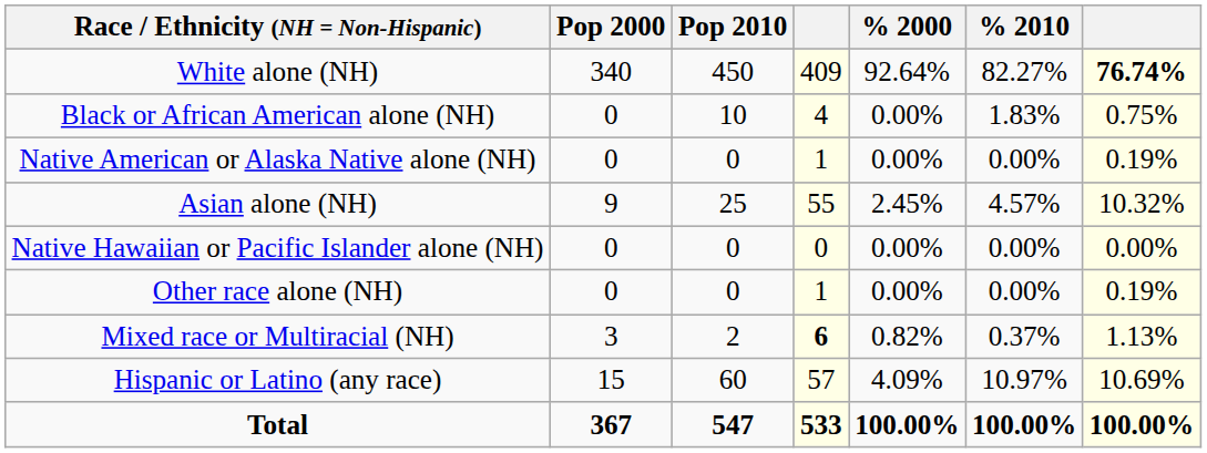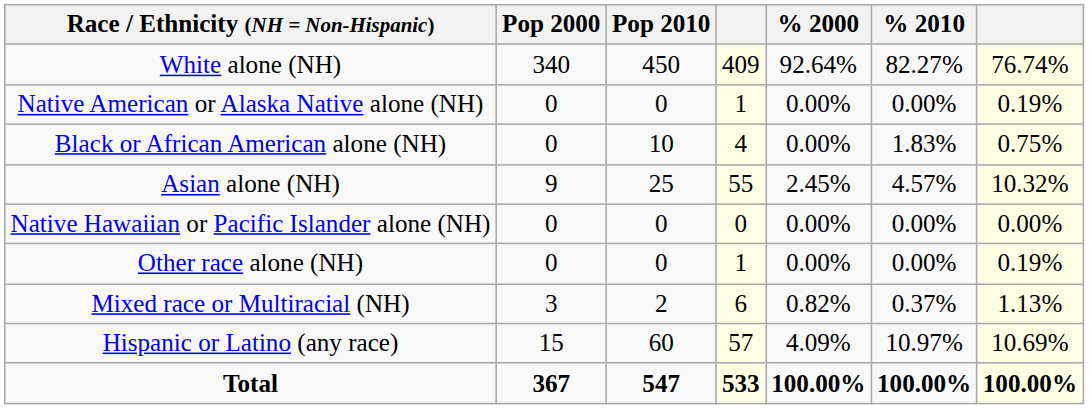 <table class="wikitable" style="text-align:center;">
 <tr>
 <th>Race / Ethnicity <small>(<em>NH = Non-Hispanic</em>)</small></th>
 <th>Pop 2000</th>
 <th>Pop 2010</th>
 <th></th>
 <th>% 2000</th>
 <th>% 2010</th>
 <th></th>
 </tr>
 <tr>
 <td><a href='#'>White</a> alone (NH)</td>
 <td>340</td>
 <td>450</td>
 <td style='background: #ffffe6;'>409</td>
 <td>92.64%</td>
 <td>82.27%</td>
-<td style='background: #ffffe6;'><strong>76.74%</strong></td>
+<td style='background: #ffffe6;'>76.74%</td>
+</tr>
+<tr>
+<td><a href='#'>Native American</a> or <a href='#'>Alaska Native</a> alone (NH)</td>
+<td>0</td>
+<td>0</td>
+<td style='background: #ffffe6;'>1</td>
+<td>0.00%</td>
+<td>0.00%</td>
+<td style='background: #ffffe6;'>0.19%</td>
 </tr>
 <tr>
 <td><a href='#'>Black or African American</a> alone (NH)</td>
 <td>0</td>
 <td>10</td>
 <td style='background: #ffffe6;'>4</td>
 <td>0.00%</td>
 <td>1.83%</td>
 <td style='background: #ffffe6;'>0.75%</td>
-</tr>
-<tr>
-<td><a href='#'>Native American</a> or <a href='#'>Alaska Native</a> alone (NH)</td>
-<td>0</td>
-<td>0</td>
-<td style='background: #ffffe6;'>1</td>
-<td>0.00%</td>
-<td>0.00%</td>
-<td style='background: #ffffe6;'>0.19%</td>
 </tr>
 <tr>
 <td><a href='#'>Asian</a> alone (NH)</td>
 <td>9</td>
 <td>25</td>
 <td style='background: #ffffe6;'>55</td>
 <td>2.45%</td>
 <td>4.57%</td>
 <td style='background: #ffffe6;'>10.32%</td>
 </tr>
 <tr>
 <td><a href='#'>Native Hawaiian</a> or <a href='#'>Pacific Islander</a> alone (NH)</td>
 <td>0</td>
 <td>0</td>
 <td style='background: #ffffe6;'>0</td>
 <td>0.00%</td>
 <td>0.00%</td>
 <td style='background: #ffffe6;'>0.00%</td>
 </tr>
 <tr>
 <td><a href='#'>Other race</a> alone (NH)</td>
 <td>0</td>
 <td>0</td>
 <td style='background: #ffffe6;'>1</td>
 <td>0.00%</td>
 <td>0.00%</td>
 <td style='background: #ffffe6;'>0.19%</td>
 </tr>
 <tr>
 <td><a href='#'>Mixed race or Multiracial</a> (NH)</td>
 <td>3</td>
 <td>2</td>
-<td style='background: #ffffe6;'><strong>6</strong></td>
+<td style='background: #ffffe6;'>6</td>
 <td>0.82%</td>
 <td>0.37%</td>
 <td style='background: #ffffe6;'>1.13%</td>
 </tr>
 <tr>
 <td><a href='#'>Hispanic or Latino</a> (any race)</td>
 <td>15</td>
 <td>60</td>
 <td style='background: #ffffe6;'>57</td>
 <td>4.09%</td>
 <td>10.97%</td>
 <td style='background: #ffffe6;'>10.69%</td>
 </tr>
 <tr>
 <td><strong>Total</strong></td>
 <td><strong>367</strong></td>
 <td><strong>547</strong></td>
 <td style='background: #ffffe6;'><strong>533</strong></td>
 <td><strong>100.00%</strong></td>
 <td><strong>100.00%</strong></td>
 <td style='background: #ffffe6;'><strong>100.00%</strong></td>
 </tr>
 </table>
